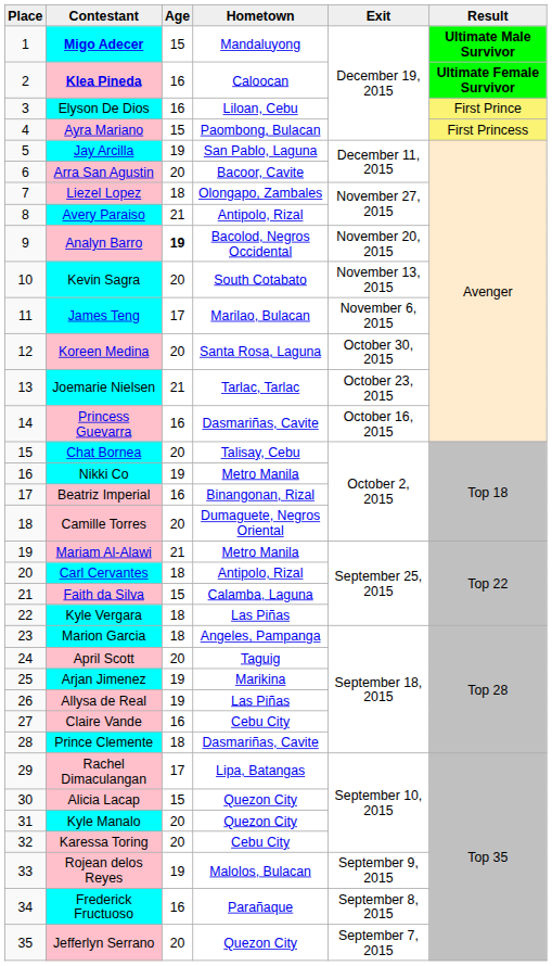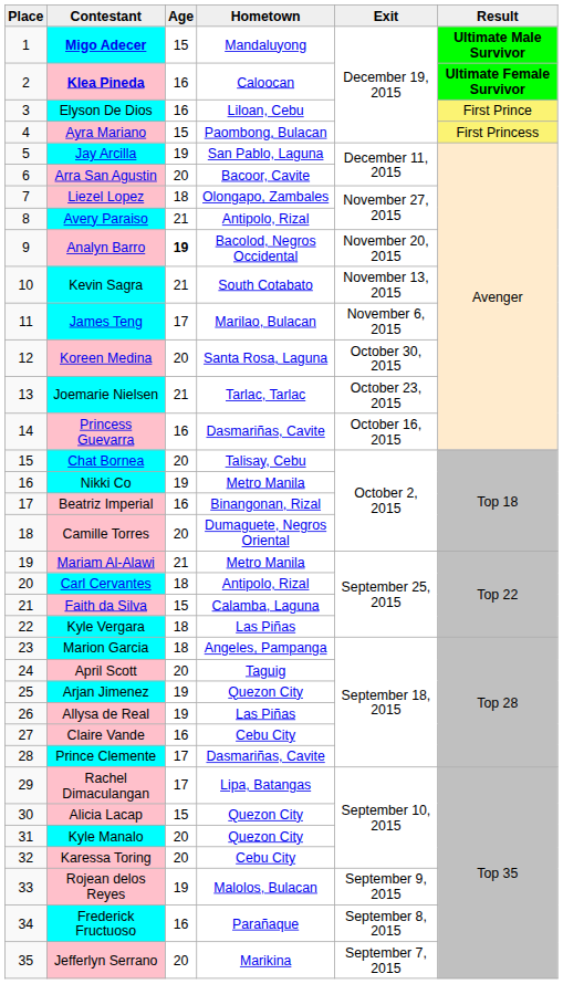 <table class="wikitable nowrap" style="text-align:center; font-size:95%;width:99%;">
 <tr>
 <th scope="col" style="background:#EFEFEF;">Place</th>
 <th scope="col" style="background:#EFEFEF;">Contestant</th>
 <th scope="col" style="background:#EFEFEF;">Age</th>
 <th scope="col" style="background:#EFEFEF;">Hometown</th>
 <th scope="col" style="background:#EFEFEF;">Exit</th>
 <th scope="col" style="background:#EFEFEF;">Result</th>
 </tr>
 <tr>
 <td>1</td>
 <td style="background:cyan;"><strong><a href='#'>Migo Adecer</a></strong></td>
 <td style="background:#FFFFFF">15</td>
 <td style="background:#FFFFFF"><a href='#'>Mandaluyong</a></td>
 <td style="background:#FFFFFF" rowspan=4>December 19, 2015</td>
 <td style="background:lime"><strong>Ultimate Male Survivor</strong></td>
 </tr>
 <tr>
 <td>2</td>
 <td style="background:pink;"><strong><a href='#'>Klea Pineda</a></strong></td>
 <td style="background:#FFFFFF">16</td>
 <td style="background:#FFFFFF"><a href='#'>Caloocan</a></td>
 <td style="background:lime"><strong>Ultimate Female Survivor</strong></td>
 </tr>
 <tr>
 <td>3</td>
 <td style="background:cyan;">Elyson De Dios</td>
 <td style="background:#FFFFFF">16</td>
 <td style="background:#FFFFFF"><a href='#'>Liloan, Cebu</a></td>
 <td style="background:#FBF373">First Prince</td>
 </tr>
 <tr>
 <td>4</td>
 <td style="background:pink;"><a href='#'>Ayra Mariano</a></td>
 <td style="background:#FFFFFF">15</td>
 <td style="background:#FFFFFF"><a href='#'>Paombong, Bulacan</a></td>
 <td style="background:#FBF373">First Princess</td>
 </tr>
 <tr>
 <td>5</td>
 <td style="background:cyan;"><a href='#'>Jay Arcilla</a></td>
 <td style="background:#FFFFFF">19</td>
 <td style="background:#FFFFFF"><a href='#'>San Pablo, Laguna</a></td>
 <td style="background:#FFFFFF" rowspan=2>December 11, 2015</td>
 <td style="background:#FFEBCD" rowspan=10>Avenger</td>
 </tr>
 <tr>
 <td>6</td>
 <td style="background:pink;"><a href='#'>Arra San Agustin</a></td>
 <td style="background:#FFFFFF">20</td>
 <td style="background:#FFFFFF"><a href='#'>Bacoor, Cavite</a></td>
 </tr>
 <tr>
 <td>7</td>
 <td style="background:pink;"><a href='#'>Liezel Lopez</a></td>
 <td style="background:#FFFFFF">18</td>
 <td style="background:#FFFFFF"><a href='#'>Olongapo, Zambales</a></td>
 <td style="background:#FFFFFF" rowspan=2>November 27, 2015</td>
 </tr>
 <tr>
 <td>8</td>
 <td style="background:cyan;"><a href='#'>Avery Paraiso</a></td>
 <td style="background:#FFFFFF">21</td>
 <td style="background:#FFFFFF"><a href='#'>Antipolo, Rizal</a></td>
 </tr>
 <tr>
 <td>9</td>
 <td style="background:pink;"><a href='#'>Analyn Barro</a></td>
 <td style="background:#FFFFFF"><strong>19</strong></td>
 <td style="background:#FFFFFF"><a href='#'>Bacolod, Negros Occidental</a></td>
 <td style="background:#FFFFFF">November 20, 2015</td>
 </tr>
 <tr>
 <td>10</td>
 <td style="background:cyan;">Kevin Sagra</td>
-<td style="background:#FFFFFF">20</td>
+<td style="background:#FFFFFF">21</td>
 <td style="background:#FFFFFF"><a href='#'>South Cotabato</a></td>
 <td style="background:#FFFFFF">November 13, 2015</td>
 </tr>
 <tr>
 <td>11</td>
 <td style="background:cyan;"><a href='#'>James Teng</a></td>
 <td style="background:#FFFFFF">17</td>
 <td style="background:#FFFFFF"><a href='#'>Marilao, Bulacan</a></td>
 <td style="background:#FFFFFF">November 6, 2015</td>
 </tr>
 <tr>
 <td>12</td>
 <td style="background:pink;"><a href='#'>Koreen Medina</a></td>
 <td style="background:#FFFFFF">20</td>
 <td style="background:#FFFFFF"><a href='#'>Santa Rosa, Laguna</a></td>
 <td style="background:#FFFFFF">October 30, 2015</td>
 </tr>
 <tr>
 <td>13</td>
 <td style="background:cyan">Joemarie Nielsen</td>
 <td style="background:#FFFFFF">21</td>
 <td style="background:#FFFFFF"><a href='#'>Tarlac, Tarlac</a></td>
 <td style="background:#FFFFFF">October 23, 2015</td>
 </tr>
 <tr>
 <td>14</td>
 <td style="background:pink;"><a href='#'>Princess Guevarra</a></td>
 <td style="background:#FFFFFF">16</td>
 <td style="background:#FFFFFF"><a href='#'>Dasmariñas, Cavite</a></td>
 <td style="background:#FFFFFF">October 16, 2015</td>
 </tr>
 <tr>
 <td>15</td>
 <td style="background:cyan;"><a href='#'>Chat Bornea</a></td>
 <td style="background:#FFFFFF">20</td>
 <td style="background:#FFFFFF"><a href='#'>Talisay, Cebu</a></td>
 <td style="background:#FFFFFF" rowspan=4>October 2, 2015</td>
 <td style="background:silver" rowspan=4>Top 18</td>
 </tr>
 <tr>
 <td>16</td>
 <td style="background:cyan;">Nikki Co</td>
 <td style="background:#FFFFFF">19</td>
 <td style="background:#FFFFFF"><a href='#'>Metro Manila</a></td>
 </tr>
 <tr>
 <td>17</td>
 <td style="background:pink;">Beatriz Imperial</td>
 <td style="background:#FFFFFF">16</td>
 <td style="background:#FFFFFF"><a href='#'>Binangonan, Rizal</a></td>
 </tr>
 <tr>
 <td>18</td>
 <td style="background:pink;">Camille Torres</td>
 <td style="background:#FFFFFF">20</td>
 <td style="background:#FFFFFF"><a href='#'>Dumaguete, Negros Oriental</a></td>
 </tr>
 <tr>
 <td>19</td>
 <td style="background:pink;"><a href='#'>Mariam Al-Alawi</a></td>
 <td style="background:#FFFFFF">21</td>
 <td style="background:#FFFFFF"><a href='#'>Metro Manila</a></td>
 <td style="background:#FFFFFF" rowspan=4>September 25, 2015</td>
 <td style="background:silver" rowspan=4>Top 22</td>
 </tr>
 <tr>
 <td>20</td>
 <td style="background:cyan;"><a href='#'>Carl Cervantes</a></td>
 <td style="background:#FFFFFF">18</td>
 <td style="background:#FFFFFF"><a href='#'>Antipolo, Rizal</a></td>
 </tr>
 <tr>
 <td>21</td>
 <td style="background:pink;"><a href='#'>Faith da Silva</a></td>
 <td style="background:#FFFFFF">15</td>
 <td style="background:#FFFFFF"><a href='#'>Calamba, Laguna</a></td>
 </tr>
 <tr>
 <td>22</td>
 <td style="background:cyan;">Kyle Vergara</td>
 <td style="background:#FFFFFF">18</td>
 <td style="background:#FFFFFF"><a href='#'>Las Piñas</a></td>
 </tr>
 <tr>
 <td>23</td>
 <td style="background:cyan;">Marion Garcia</td>
 <td style="background:#FFFFFF">18</td>
 <td style="background:#FFFFFF"><a href='#'>Angeles, Pampanga</a></td>
 <td style="background:#FFFFFF" rowspan=6>September 18, 2015</td>
 <td style="background:silver" rowspan=6>Top 28</td>
 </tr>
 <tr>
 <td>24</td>
 <td style="background:pink;">April Scott</td>
 <td style="background:#FFFFFF">20</td>
 <td style="background:#FFFFFF"><a href='#'>Taguig</a></td>
 </tr>
 <tr>
 <td>25</td>
 <td style="background:cyan;">Arjan Jimenez</td>
 <td style="background:#FFFFFF">19</td>
-<td style="background:#FFFFFF"><a href='#'>Marikina</a></td>
+<td style="background:#FFFFFF"><a href='#'>Quezon City</a></td>
 </tr>
 <tr>
 <td>26</td>
 <td style="background:pink;">Allysa de Real</td>
 <td style="background:#FFFFFF">19</td>
 <td style="background:#FFFFFF"><a href='#'>Las Piñas</a></td>
 </tr>
 <tr>
 <td>27</td>
 <td style="background:pink;">Claire Vande</td>
 <td style="background:#FFFFFF">16</td>
 <td style="background:#FFFFFF"><a href='#'>Cebu City</a></td>
 </tr>
 <tr>
 <td>28</td>
 <td style="background:cyan;">Prince Clemente</td>
-<td style="background:#FFFFFF">18</td>
+<td style="background:#FFFFFF">17</td>
 <td style="background:#FFFFFF"><a href='#'>Dasmariñas, Cavite</a></td>
 </tr>
 <tr>
 <td>29</td>
 <td style="background:pink;">Rachel Dimaculangan</td>
 <td style="background:#FFFFFF">17</td>
 <td style="background:#FFFFFF"><a href='#'>Lipa, Batangas</a></td>
 <td style="background:#FFFFFF" rowspan=4>September 10, 2015</td>
 <td style="background:silver" rowspan=7>Top 35</td>
 </tr>
 <tr>
 <td>30</td>
 <td style="background:pink;">Alicia Lacap</td>
 <td style="background:#FFFFFF">15</td>
 <td style="background:#FFFFFF"><a href='#'>Quezon City</a></td>
 </tr>
 <tr>
 <td>31</td>
 <td style="background:cyan;">Kyle Manalo</td>
 <td style="background:#FFFFFF">20</td>
 <td style="background:#FFFFFF"><a href='#'>Quezon City</a></td>
 </tr>
 <tr>
 <td>32</td>
 <td style="background:pink;">Karessa Toring</td>
 <td style="background:#FFFFFF">20</td>
 <td style="background:#FFFFFF"><a href='#'>Cebu City</a></td>
 </tr>
 <tr>
 <td>33</td>
 <td style="background:pink;">Rojean delos Reyes</td>
 <td style="background:#FFFFFF">19</td>
 <td style="background:#FFFFFF"><a href='#'>Malolos, Bulacan</a></td>
 <td style="background:#FFFFFF">September 9, 2015</td>
 </tr>
 <tr>
 <td>34</td>
 <td style="background:cyan;">Frederick Fructuoso</td>
 <td style="background:#FFFFFF">16</td>
 <td style="background:#FFFFFF"><a href='#'>Parañaque</a></td>
 <td style="background:#FFFFFF">September 8, 2015</td>
 </tr>
 <tr>
 <td>35</td>
 <td style="background:pink;">Jefferlyn Serrano</td>
 <td style="background:#FFFFFF">20</td>
-<td style="background:#FFFFFF"><a href='#'>Quezon City</a></td>
+<td style="background:#FFFFFF"><a href='#'>Marikina</a></td>
 <td style="background:#FFFFFF">September 7, 2015</td>
 </tr>
 </table>
